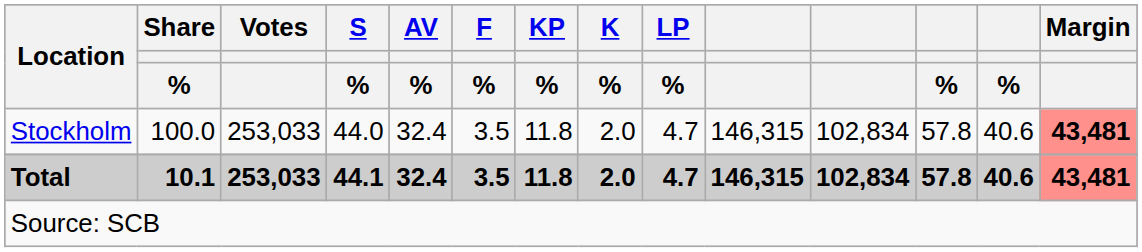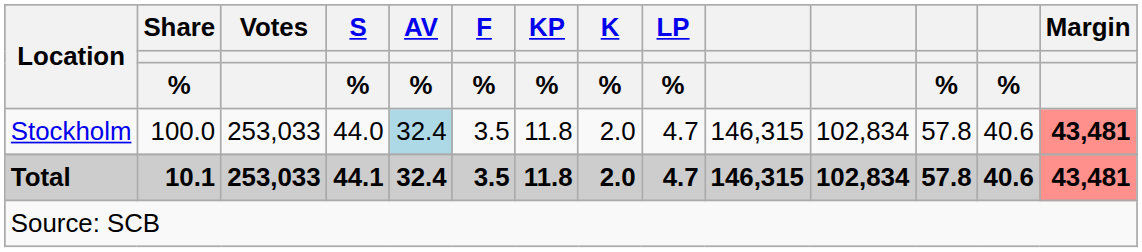 <table class="wikitable sortable" style="text-align:right; font-size:95%; line-height:20px;">
 <tr>
 <th rowspan="3">Location</th>
 <th>Share</th>
 <th>Votes</th>
 <th width="30px" class="unsortable"><a href='#'>S</a></th>
 <th width="30px" class="unsortable"><a href='#'>AV</a></th>
 <th width="30px" class="unsortable"><a href='#'>F</a></th>
 <th width="30px" class="unsortable"><a href='#'>KP</a></th>
 <th width="30px" class="unsortable"><a href='#'>K</a></th>
 <th width="30px" class="unsortable"><a href='#'>LP</a></th>
 <th></th>
 <th></th>
 <th></th>
 <th></th>
 <th>Margin</th>
 </tr>
 <tr>
 <th></th>
 <th></th>
 <th style="background:"></th>
 <th style="background:"></th>
 <th style="background:"></th>
 <th style="background:"></th>
 <th style="background:"></th>
 <th style="background:"></th>
 <th style="background:"></th>
 <th style="background:"></th>
 <th style="background:"></th>
 <th style="background:"></th>
 <th></th>
 </tr>
 <tr>
 <th data-sort-type="number">%</th>
 <th></th>
 <th data-sort-type="number">%</th>
 <th data-sort-type="number">%</th>
 <th data-sort-type="number">%</th>
 <th data-sort-type="number">%</th>
 <th data-sort-type="number">%</th>
 <th data-sort-type="number">%</th>
 <th></th>
 <th></th>
 <th data-sort-type="number">%</th>
 <th data-sort-type="number">%</th>
 <th></th>
 </tr>
 <tr>
 <td align=left><a href='#'>Stockholm</a></td>
 <td>100.0</td>
 <td>253,033</td>
 <td>44.0</td>
-<td>32.4</td>
+<td style="background: lightblue;">32.4</td>
 <td>3.5</td>
 <td>11.8</td>
 <td>2.0</td>
 <td>4.7</td>
 <td>146,315</td>
 <td>102,834</td>
 <td>57.8</td>
 <td>40.6</td>
 <td bgcolor=#ff908c><strong>43,481</strong></td>
 </tr>
 <tr>
 </tr>
 <tr style="background:#CDCDCD;">
 <td align=left><strong>Total</strong></td>
 <td><strong>10.1</strong></td>
 <td><strong>253,033</strong></td>
 <td><strong>44.1</strong></td>
 <td><strong>32.4</strong></td>
 <td><strong>3.5</strong></td>
 <td><strong>11.8</strong></td>
 <td><strong>2.0</strong></td>
 <td><strong>4.7</strong></td>
 <td><strong>146,315</strong></td>
 <td><strong>102,834</strong></td>
 <td><strong>57.8</strong></td>
 <td><strong>40.6</strong></td>
 <td bgcolor=#ff908c><strong>43,481</strong></td>
 </tr>
 <tr>
 <td align=left colspan=14>Source: SCB </td>
 </tr>
 </table>
